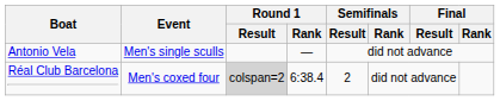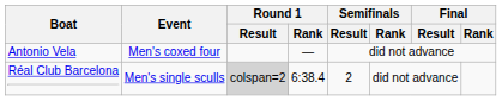 <table class=wikitable>
 <tr>
 <th rowspan=2>Boat</th>
 <th rowspan=2>Event</th>
 <th colspan=2>Round 1</th>
 <th colspan=2>Semifinals</th>
 <th colspan=2>Final</th>
 </tr>
 <tr>
 <th>Result</th>
 <th>Rank</th>
 <th>Result</th>
 <th>Rank</th>
 <th>Result</th>
 <th>Rank</th>
 </tr>
 <tr align=center>
 <td align=left><a href='#'>Antonio Vela</a></td>
-<td><a href='#'>Men's single sculls</a></td>
+<td><a href='#'>Men's coxed four</a></td>
 <td></td>
 <td>—</td>
 <td colspan=4>did not advance</td>
 </tr>
 <tr align=center>
 <td align=left><a href='#'>Réal Club Barcelona</a> <hr> </td>
-<td><a href='#'>Men's coxed four</a></td>
+<td><a href='#'>Men's single sculls</a></td>
 <td style="background: lightgrey;">colspan=2 </td>
 <td>6:38.4</td>
 <td>2</td>
 <td colspan=2>did not advance</td>
 </tr>
 </table>
